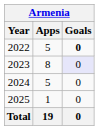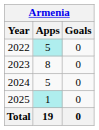 <table class="wikitable" style="text-align:center">
 <tr>
 <th colspan="5"><a href='#'>Armenia</a></th>
 </tr>
 <tr>
 <th>Year</th>
 <th>Apps</th>
 <th>Goals</th>
 </tr>
 <tr>
 <td>2022</td>
-<td>5</td>
-<td><strong>0</strong></td>
+<td style="background: paleturquoise;">5</td>
+<td>0</td>
 </tr>
 <tr>
 <td>2023</td>
 <td>8</td>
-<td style="background: lavender;">0</td>
+<td>0</td>
 </tr>
 <tr>
 <td>2024</td>
 <td>5</td>
 <td>0</td>
 </tr>
 <tr>
 <td>2025</td>
-<td>1</td>
+<td style="background: paleturquoise;">1</td>
 <td>0</td>
 </tr>
 <tr>
 <th>Total</th>
 <th>19</th>
 <th>0</th>
 </tr>
 </table>
